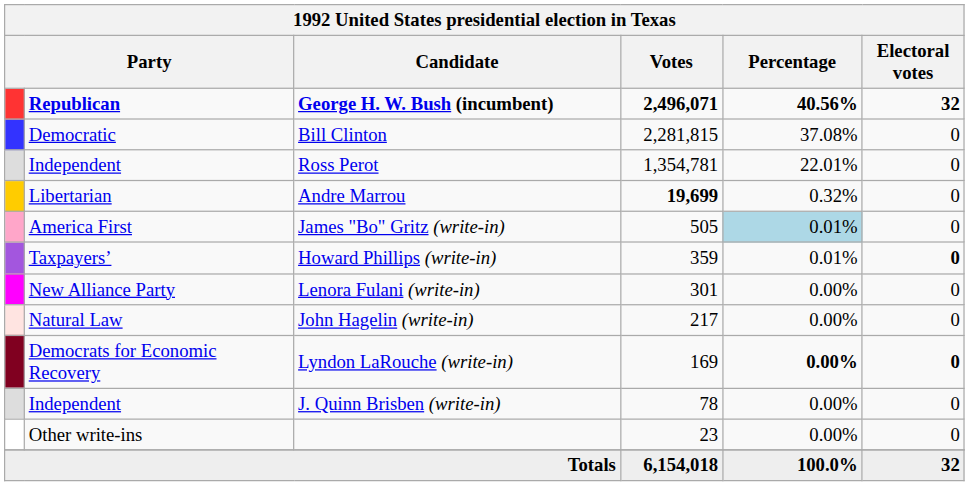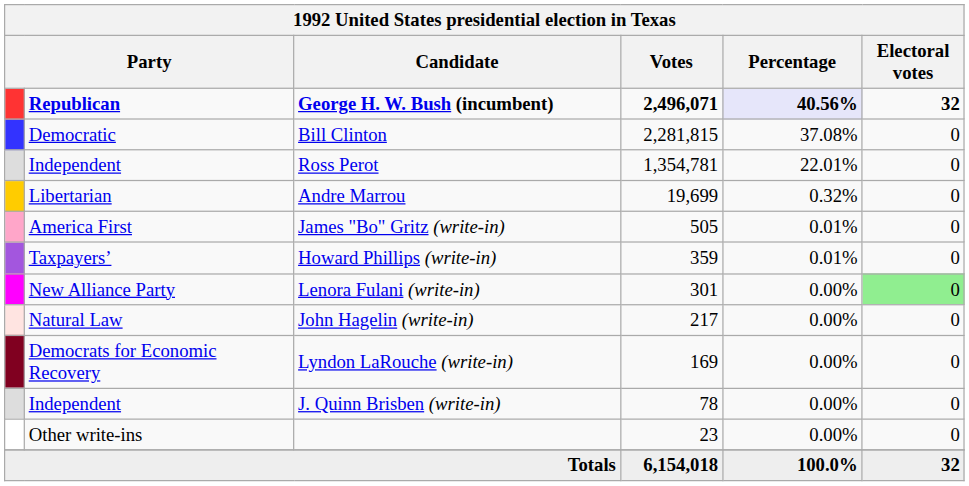 <table class="wikitable" style="font-size: 95%;">
 <tr>
 <th colspan="6">1992 United States presidential election in Texas</th>
 </tr>
 <tr>
 <th colspan="2" style="width: 15em">Party</th>
 <th style="width: 17em">Candidate</th>
 <th style="width: 5em">Votes</th>
 <th style="width: 7em">Percentage</th>
 <th style="width: 5em">Electoral votes</th>
 </tr>
 <tr>
 <th style="background-color:#FF3333; width: 3px"></th>
 <td style="width: 130px"><strong><a href='#'>Republican</a></strong></td>
 <td><strong><a href='#'>George H. W. Bush</a> (incumbent)</strong></td>
 <td align="right"><strong>2,496,071</strong></td>
-<td align="right"><strong>40.56%</strong></td>
+<td align="right" style="background: lavender;"><strong>40.56%</strong></td>
 <td align="right"><strong>32</strong></td>
 </tr>
 <tr>
 <th style="background-color:#3333FF; width: 3px"></th>
 <td style="width: 130px"><a href='#'>Democratic</a></td>
 <td><a href='#'>Bill Clinton</a></td>
 <td align="right">2,281,815</td>
 <td align="right">37.08%</td>
 <td align="right">0</td>
 </tr>
 <tr>
 <th style="background-color:#DDDDDD; width: 3px"></th>
 <td style="width: 130px"><a href='#'>Independent</a></td>
 <td><a href='#'>Ross Perot</a></td>
 <td align="right">1,354,781</td>
 <td align="right">22.01%</td>
 <td align="right">0</td>
 </tr>
 <tr>
 <th style="background-color:#FFCC00; width: 3px"></th>
 <td style="width: 130px"><a href='#'>Libertarian</a></td>
 <td><a href='#'>Andre Marrou</a></td>
-<td align="right"><strong>19,699</strong></td>
+<td align="right">19,699</td>
 <td align="right">0.32%</td>
 <td align="right">0</td>
 </tr>
 <tr>
 <th style="background-color:#FFA6C9; width: 3px"></th>
 <td style="width: 130px"><a href='#'>America First</a></td>
 <td><a href='#'>James "Bo" Gritz</a> <em>(write-in)</em></td>
 <td align="right">505</td>
-<td align="right" style="background: lightblue;">0.01%</td>
+<td align="right">0.01%</td>
 <td align="right">0</td>
 </tr>
 <tr>
 <th style="background-color:#A356DE; width: 3px"></th>
 <td style="width: 130px"><a href='#'>Taxpayers’</a></td>
 <td><a href='#'>Howard Phillips</a> <em>(write-in)</em></td>
 <td align="right">359</td>
 <td align="right">0.01%</td>
-<td align="right"><strong>0</strong></td>
+<td align="right">0</td>
 </tr>
 <tr>
 <th style="background-color:#FF00FF; width: 3px"></th>
 <td style="width: 130px"><a href='#'>New Alliance Party</a></td>
 <td><a href='#'>Lenora Fulani</a> <em>(write-in)</em></td>
 <td align="right">301</td>
 <td align="right">0.00%</td>
-<td align="right">0</td>
+<td align="right" style="background: lightgreen;">0</td>
 </tr>
 <tr>
 <th style="background-color:#ffe4e1; width: 3px"></th>
 <td style="width: 130px"><a href='#'>Natural Law</a></td>
 <td><a href='#'>John Hagelin</a> <em>(write-in)</em></td>
 <td align="right">217</td>
 <td align="right">0.00%</td>
 <td align="right">0</td>
 </tr>
 <tr>
 <th style="background-color:#800020; width: 3px"></th>
 <td style="width: 130px"><a href='#'>Democrats for Economic Recovery</a></td>
 <td><a href='#'>Lyndon LaRouche</a> <em>(write-in)</em></td>
 <td align="right">169</td>
-<td align="right"><strong>0.00%</strong></td>
-<td align="right"><strong>0</strong></td>
+<td align="right">0.00%</td>
+<td align="right">0</td>
 </tr>
 <tr>
 <th style="background-color:#DDDDDD; width: 3px"></th>
 <td style="width: 130px"><a href='#'>Independent</a></td>
 <td><a href='#'>J. Quinn Brisben</a> <em>(write-in)</em></td>
 <td align="right">78</td>
 <td align="right">0.00%</td>
 <td align="right">0</td>
 </tr>
 <tr>
 <th style="background-color:#FFFFFF; width: 3px"></th>
 <td style="width: 130px">Other write-ins</td>
 <td></td>
 <td align="right">23</td>
 <td align="right">0.00%</td>
 <td align="right">0</td>
 </tr>
 <tr>
 </tr>
 <tr bgcolor="#EEEEEE">
 <td colspan="3" align="right"><strong>Totals</strong></td>
 <td align="right"><strong>6,154,018</strong></td>
 <td align="right"><strong>100.0%</strong></td>
 <td align="right"><strong>32</strong></td>
 </tr>
 </table>
